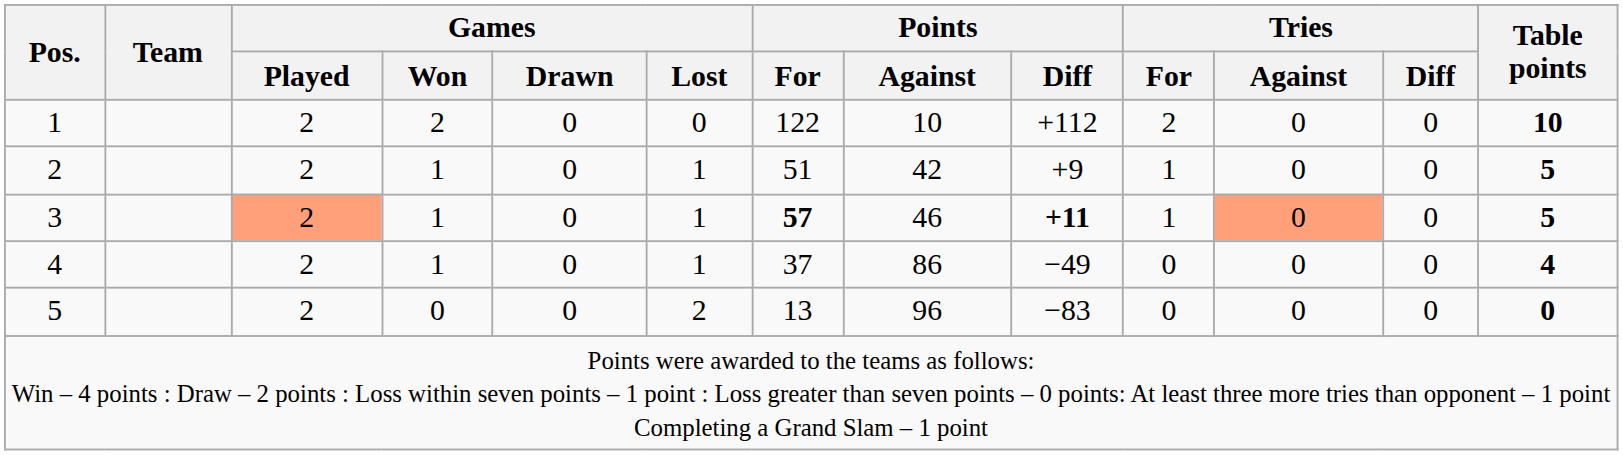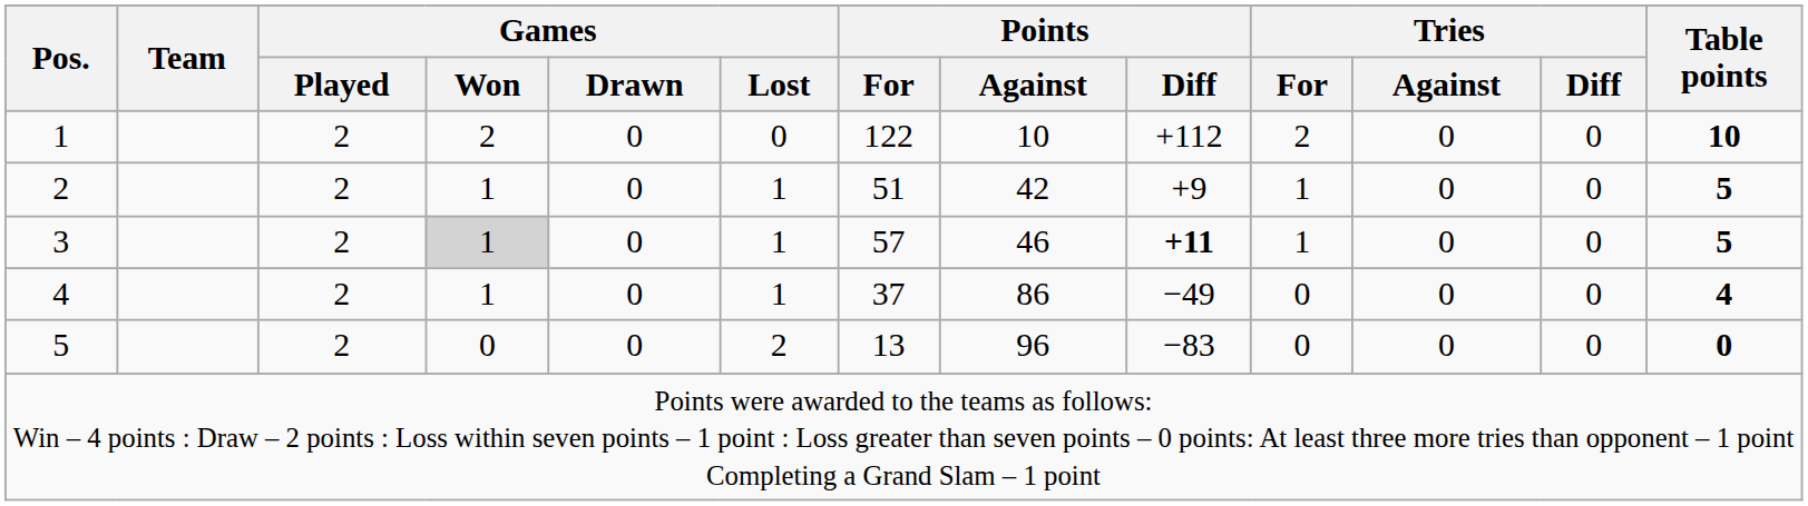 <table class="wikitable" style="text-align:center">
 <tr>
 <th rowspan="2">Pos.</th>
 <th rowspan="2">Team</th>
 <th colspan="4">Games</th>
 <th colspan="3">Points</th>
 <th colspan="3">Tries</th>
 <th rowspan="2">Table<br>points</th>
 </tr>
 <tr>
 <th>Played</th>
 <th>Won</th>
 <th>Drawn</th>
 <th>Lost</th>
 <th>For</th>
 <th>Against</th>
 <th>Diff</th>
 <th>For</th>
 <th>Against</th>
 <th>Diff</th>
 </tr>
 <tr>
 <td>1</td>
 <td align=left></td>
 <td>2</td>
 <td>2</td>
 <td>0</td>
 <td>0</td>
 <td>122</td>
 <td>10</td>
 <td>+112</td>
 <td>2</td>
 <td>0</td>
 <td>0</td>
 <td><strong>10</strong></td>
 </tr>
 <tr>
 <td>2</td>
 <td align=left></td>
 <td>2</td>
 <td>1</td>
 <td>0</td>
 <td>1</td>
 <td>51</td>
 <td>42</td>
 <td>+9</td>
 <td>1</td>
 <td>0</td>
 <td>0</td>
 <td><strong>5</strong></td>
 </tr>
 <tr>
 <td>3</td>
 <td align=left></td>
-<td style="background: lightsalmon;">2</td>
-<td>1</td>
+<td>2</td>
+<td style="background: lightgrey;">1</td>
 <td>0</td>
 <td>1</td>
-<td><strong>57</strong></td>
+<td>57</td>
 <td>46</td>
 <td><strong>+11</strong></td>
 <td>1</td>
-<td style="background: lightsalmon;">0</td>
+<td>0</td>
 <td>0</td>
 <td><strong>5</strong></td>
 </tr>
 <tr>
 <td>4</td>
 <td align=left></td>
 <td>2</td>
 <td>1</td>
 <td>0</td>
 <td>1</td>
 <td>37</td>
 <td>86</td>
 <td>−49</td>
 <td>0</td>
 <td>0</td>
 <td>0</td>
 <td><strong>4</strong></td>
 </tr>
 <tr>
 <td>5</td>
 <td align=left></td>
 <td>2</td>
 <td>0</td>
 <td>0</td>
 <td>2</td>
 <td>13</td>
 <td>96</td>
 <td>−83</td>
 <td>0</td>
 <td>0</td>
 <td>0</td>
 <td><strong>0</strong></td>
 </tr>
 <tr>
 <td colspan="13"><small>Points were awarded to the teams as follows:<br>Win – 4 points : Draw – 2 points : Loss within seven points – 1 point : Loss greater than seven points – 0 points: At least three more tries than opponent – 1 point<br>Completing a Grand Slam – 1 point </small></td>
 </tr>
 </table>
